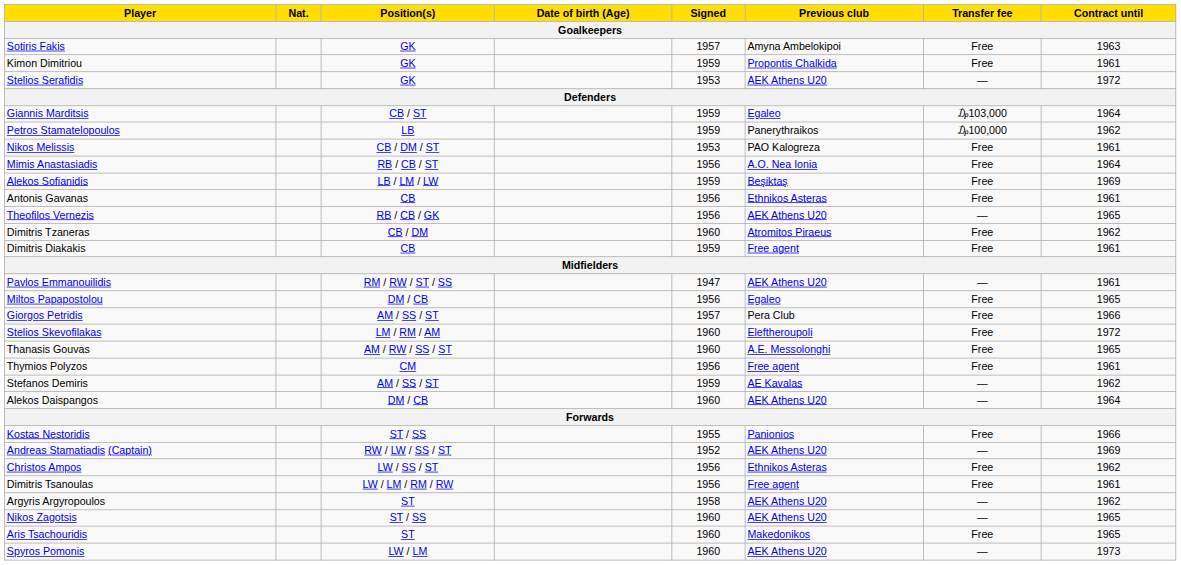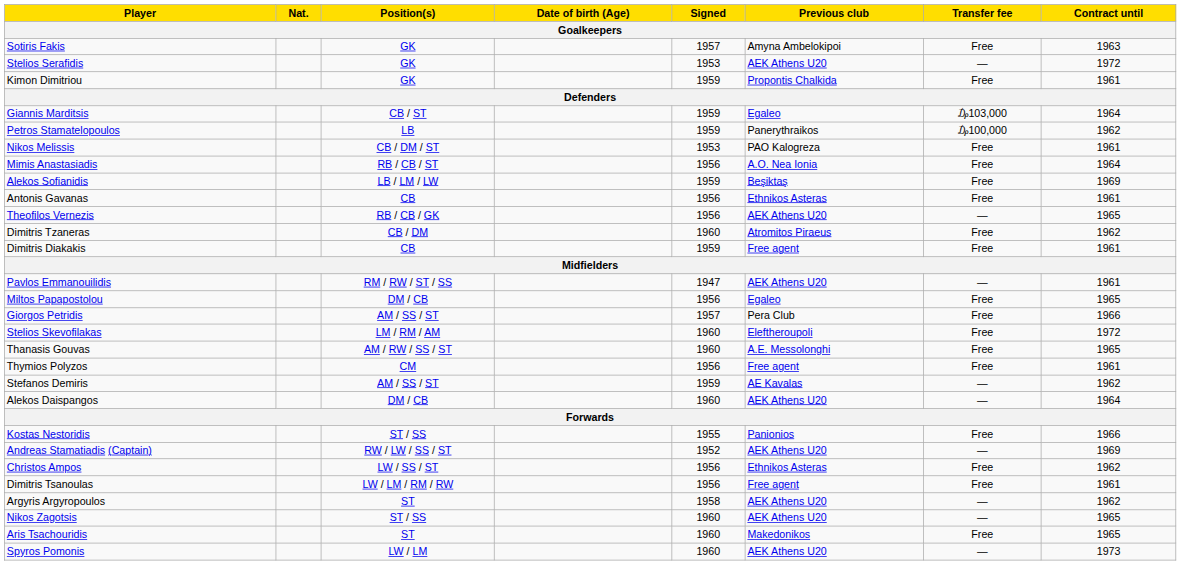 <table class="wikitable" style="text-align:center; font-size:90%;width:100%;">
 <tr>
 <th style="background:#FFDE00">Player</th>
 <th style="background:#FFDE00">Nat.</th>
 <th style="background:#FFDE00">Position(s)</th>
 <th style="background:#FFDE00">Date of birth (Age)</th>
 <th style="background:#FFDE00">Signed</th>
 <th style="background:#FFDE00">Previous club</th>
 <th style="background:#FFDE00">Transfer fee</th>
 <th style="background:#FFDE00">Contract until</th>
 </tr>
 <tr>
 <th colspan="8">Goalkeepers</th>
 </tr>
 <tr>
 <td align=left><a href='#'>Sotiris Fakis</a></td>
 <td></td>
 <td><a href='#'>GK</a></td>
 <td></td>
 <td>1957</td>
 <td align=left> Amyna Ambelokipoi</td>
 <td>Free</td>
 <td>1963</td>
 </tr>
 <tr>
+<td align=left><a href='#'>Stelios Serafidis</a></td>
+<td></td>
+<td><a href='#'>GK</a></td>
+<td></td>
+<td>1953</td>
+<td align=left> <a href='#'>AEK Athens U20</a></td>
+<td>—</td>
+<td>1972</td>
+</tr>
+<tr>
 <td align=left>Kimon Dimitriou</td>
 <td></td>
 <td><a href='#'>GK</a></td>
 <td></td>
 <td>1959</td>
 <td align=left> <a href='#'>Propontis Chalkida</a></td>
 <td>Free</td>
 <td>1961</td>
-</tr>
-<tr>
-<td align=left><a href='#'>Stelios Serafidis</a></td>
-<td></td>
-<td><a href='#'>GK</a></td>
-<td></td>
-<td>1953</td>
-<td align=left> <a href='#'>AEK Athens U20</a></td>
-<td>—</td>
-<td>1972</td>
 </tr>
 <tr>
 <th colspan="8">Defenders</th>
 </tr>
 <tr>
 <td align=left><a href='#'>Giannis Marditsis</a></td>
 <td></td>
 <td><a href='#'>CB</a> / <a href='#'>ST</a></td>
 <td></td>
 <td>1959</td>
 <td align=left> <a href='#'>Egaleo</a></td>
 <td>₯103,000</td>
 <td>1964</td>
 </tr>
 <tr>
 <td align=left><a href='#'>Petros Stamatelopoulos</a></td>
 <td></td>
 <td><a href='#'>LB</a></td>
 <td></td>
 <td>1959</td>
 <td align=left> Panerythraikos</td>
 <td>₯100,000</td>
 <td>1962</td>
 </tr>
 <tr>
 <td align=left><a href='#'>Nikos Melissis</a></td>
 <td></td>
 <td><a href='#'>CB</a> / <a href='#'>DM</a> / <a href='#'>ST</a></td>
 <td></td>
 <td>1953</td>
 <td align=left> PAO Kalogreza</td>
 <td>Free</td>
 <td>1961</td>
 </tr>
 <tr>
 <td align=left><a href='#'>Mimis Anastasiadis</a></td>
 <td></td>
 <td><a href='#'>RB</a> / <a href='#'>CB</a> / <a href='#'>ST</a></td>
 <td></td>
 <td>1956</td>
 <td align=left> <a href='#'>A.O. Nea Ionia</a></td>
 <td>Free</td>
 <td>1964</td>
 </tr>
 <tr>
 <td align=left><a href='#'>Alekos Sofianidis</a></td>
 <td></td>
 <td><a href='#'>LB</a> / <a href='#'>LM</a> / <a href='#'>LW</a></td>
 <td></td>
 <td>1959</td>
 <td align=left> <a href='#'>Beşiktaş</a></td>
 <td>Free</td>
 <td>1969</td>
 </tr>
 <tr>
 <td align=left>Antonis Gavanas</td>
 <td></td>
 <td><a href='#'>CB</a></td>
 <td></td>
 <td>1956</td>
 <td align=left> <a href='#'>Ethnikos Asteras</a></td>
 <td>Free</td>
 <td>1961</td>
 </tr>
 <tr>
 <td align=left><a href='#'>Theofilos Vernezis</a></td>
 <td></td>
 <td><a href='#'>RB</a> / <a href='#'>CB</a> / <a href='#'>GK</a></td>
 <td></td>
 <td>1956</td>
 <td align=left> <a href='#'>AEK Athens U20</a></td>
 <td>—</td>
 <td>1965</td>
 </tr>
 <tr>
 <td align=left>Dimitris Tzaneras</td>
 <td></td>
 <td><a href='#'>CB</a> / <a href='#'>DM</a></td>
 <td></td>
 <td>1960</td>
 <td align=left> <a href='#'>Atromitos Piraeus</a></td>
 <td>Free</td>
 <td>1962</td>
 </tr>
 <tr>
 <td align=left>Dimitris Diakakis</td>
 <td></td>
 <td><a href='#'>CB</a></td>
 <td></td>
 <td>1959</td>
 <td align=left><a href='#'>Free agent</a></td>
 <td>Free</td>
 <td>1961</td>
 </tr>
 <tr>
 <th colspan="8">Midfielders</th>
 </tr>
 <tr>
 <td align=left><a href='#'>Pavlos Emmanouilidis</a></td>
 <td></td>
 <td><a href='#'>RM</a> / <a href='#'>RW</a> / <a href='#'>ST</a> / <a href='#'>SS</a></td>
 <td></td>
 <td>1947</td>
 <td align=left> <a href='#'>AEK Athens U20</a></td>
 <td>—</td>
 <td>1961</td>
 </tr>
 <tr>
 <td align=left><a href='#'>Miltos Papapostolou</a></td>
 <td></td>
 <td><a href='#'>DM</a> / <a href='#'>CB</a></td>
 <td></td>
 <td>1956</td>
 <td align=left> <a href='#'>Egaleo</a></td>
 <td>Free</td>
 <td>1965</td>
 </tr>
 <tr>
 <td align=left><a href='#'>Giorgos Petridis</a></td>
 <td></td>
 <td><a href='#'>AM</a> / <a href='#'>SS</a> / <a href='#'>ST</a></td>
 <td></td>
 <td>1957</td>
 <td align=left> Pera Club</td>
 <td>Free</td>
 <td>1966</td>
 </tr>
 <tr>
 <td align=left><a href='#'>Stelios Skevofilakas</a></td>
 <td></td>
 <td><a href='#'>LM</a> / <a href='#'>RM</a> / <a href='#'>AM</a></td>
 <td></td>
 <td>1960</td>
 <td align=left> <a href='#'>Eleftheroupoli</a></td>
 <td>Free</td>
 <td>1972</td>
 </tr>
 <tr>
 <td align=left>Thanasis Gouvas</td>
 <td></td>
 <td><a href='#'>AM</a> / <a href='#'>RW</a> / <a href='#'>SS</a> / <a href='#'>ST</a></td>
 <td></td>
 <td>1960</td>
 <td align=left> <a href='#'>A.E. Messolonghi</a></td>
 <td>Free</td>
 <td>1965</td>
 </tr>
 <tr>
 <td align=left>Thymios Polyzos</td>
 <td></td>
 <td><a href='#'>CM</a></td>
 <td></td>
 <td>1956</td>
 <td align=left><a href='#'>Free agent</a></td>
 <td>Free</td>
 <td>1961</td>
 </tr>
 <tr>
 <td align=left>Stefanos Demiris</td>
 <td></td>
 <td><a href='#'>AM</a> / <a href='#'>SS</a> / <a href='#'>ST</a></td>
 <td></td>
 <td>1959</td>
 <td align=left> <a href='#'>AE Kavalas</a></td>
 <td>—</td>
 <td>1962</td>
 </tr>
 <tr>
 <td align=left>Alekos Daispangos</td>
 <td></td>
 <td><a href='#'>DM</a> / <a href='#'>CB</a></td>
 <td></td>
 <td>1960</td>
 <td align=left> <a href='#'>AEK Athens U20</a></td>
 <td>—</td>
 <td>1964</td>
 </tr>
 <tr>
 <th colspan="8">Forwards</th>
 </tr>
 <tr>
 <td align=left><a href='#'>Kostas Nestoridis</a></td>
 <td></td>
 <td><a href='#'>ST</a> / <a href='#'>SS</a></td>
 <td></td>
 <td>1955</td>
 <td align=left> <a href='#'>Panionios</a></td>
 <td>Free</td>
 <td>1966</td>
 </tr>
 <tr>
 <td align=left><a href='#'>Andreas Stamatiadis</a> <a href='#'>(Captain)</a></td>
 <td></td>
 <td><a href='#'>RW</a> / <a href='#'>LW</a> / <a href='#'>SS</a> / <a href='#'>ST</a></td>
 <td></td>
 <td>1952</td>
 <td align=left> <a href='#'>AEK Athens U20</a></td>
 <td>—</td>
 <td>1969</td>
 </tr>
 <tr>
 <td align=left><a href='#'>Christos Ampos</a></td>
 <td></td>
 <td><a href='#'>LW</a> / <a href='#'>SS</a> / <a href='#'>ST</a></td>
 <td></td>
 <td>1956</td>
 <td align=left> <a href='#'>Ethnikos Asteras</a></td>
 <td>Free</td>
 <td>1962</td>
 </tr>
 <tr>
 <td align=left>Dimitris Tsanoulas</td>
 <td></td>
 <td><a href='#'>LW</a> / <a href='#'>LM</a> / <a href='#'>RM</a> / <a href='#'>RW</a></td>
 <td></td>
 <td>1956</td>
 <td align=left><a href='#'>Free agent</a></td>
 <td>Free</td>
 <td>1961</td>
 </tr>
 <tr>
 <td align=left>Argyris Argyropoulos</td>
 <td></td>
 <td><a href='#'>ST</a></td>
 <td></td>
 <td>1958</td>
 <td align=left> <a href='#'>AEK Athens U20</a></td>
 <td>—</td>
 <td>1962</td>
 </tr>
 <tr>
 <td align=left><a href='#'>Nikos Zagotsis</a></td>
 <td></td>
 <td><a href='#'>ST</a> / <a href='#'>SS</a></td>
 <td></td>
 <td>1960</td>
 <td align=left> <a href='#'>AEK Athens U20</a></td>
 <td>—</td>
 <td>1965</td>
 </tr>
 <tr>
 <td align=left><a href='#'>Aris Tsachouridis</a></td>
 <td></td>
 <td><a href='#'>ST</a></td>
 <td></td>
 <td>1960</td>
 <td align=left> <a href='#'>Makedonikos</a></td>
 <td>Free</td>
 <td>1965</td>
 </tr>
 <tr>
 <td align=left><a href='#'>Spyros Pomonis</a></td>
 <td></td>
 <td><a href='#'>LW</a> / <a href='#'>LM</a></td>
 <td></td>
 <td>1960</td>
 <td align=left> <a href='#'>AEK Athens U20</a></td>
 <td>—</td>
 <td>1973</td>
 </tr>
 </table>
